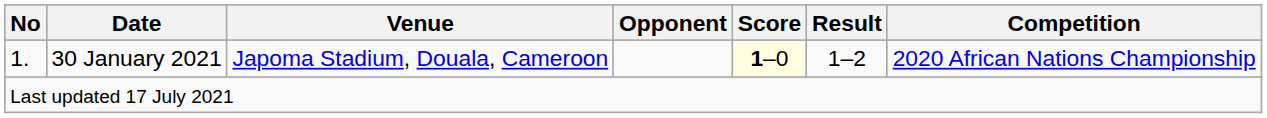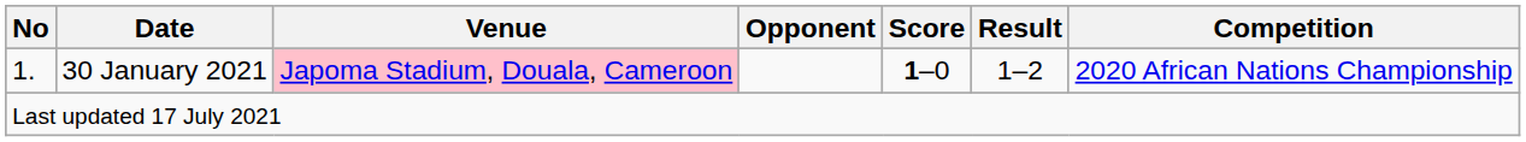 <table class="wikitable" style="font-size:85%;">
 <tr>
 <th>No</th>
 <th>Date</th>
 <th>Venue</th>
 <th>Opponent</th>
 <th>Score</th>
 <th>Result</th>
 <th>Competition</th>
 </tr>
 <tr>
 <td>1.</td>
 <td>30 January 2021</td>
-<td><a href='#'>Japoma Stadium</a>, <a href='#'>Douala</a>, <a href='#'>Cameroon</a></td>
+<td style="background: pink;"><a href='#'>Japoma Stadium</a>, <a href='#'>Douala</a>, <a href='#'>Cameroon</a></td>
 <td></td>
-<td align=center style="background: lightyellow;"><strong>1</strong>–0</td>
+<td align=center><strong>1</strong>–0</td>
 <td align=center>1–2</td>
 <td><a href='#'>2020 African Nations Championship</a></td>
 </tr>
 <tr>
 <td colspan="7"><small>Last updated 17 July 2021</small></td>
 </tr>
 </table>
